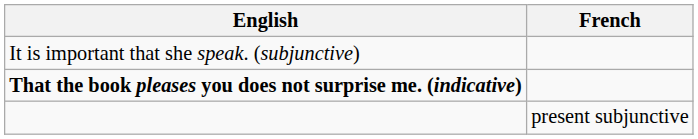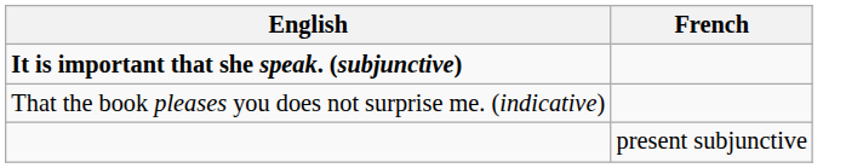 <table class="wikitable">
 <tr>
 <th scope="col" style="vertical-align:top">English</th>
 <th scope="col" colspan="2">French</th>
 </tr>
 <tr>
-<td>It is important that she <em>speak</em>. (<em>subjunctive</em>)</td>
+<td><strong>It is important that she <em>speak</em>. (<em>subjunctive</em>)</strong></td>
 <td></td>
 </tr>
 <tr>
-<td><strong>That the book <em>pleases</em> you does not surprise me. (<em>indicative</em>)</strong></td>
+<td>That the book <em>pleases</em> you does not surprise me. (<em>indicative</em>)</td>
 <td></td>
 </tr>
 <tr style="text-align:center">
 <td></td>
 <td>present subjunctive</td>
 </tr>
 </table>
